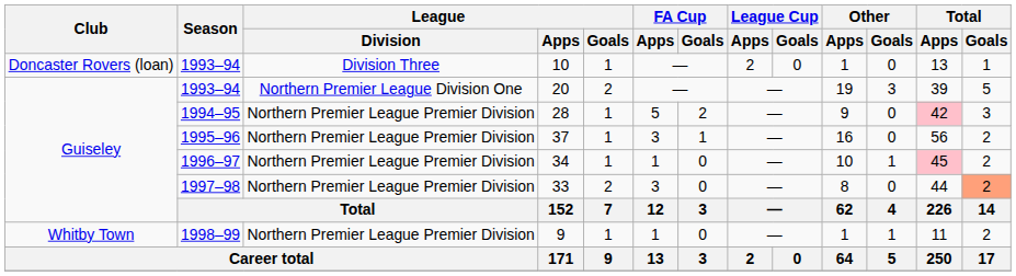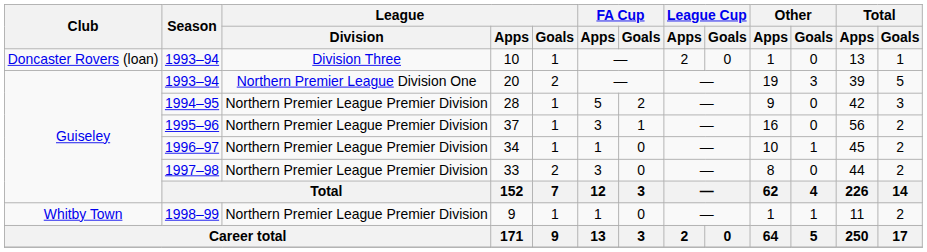 <table class=wikitable style="text-align:center">
 <tr>
 <th rowspan="2">Club</th>
 <th rowspan="2">Season</th>
 <th colspan="3">League</th>
 <th colspan="2"><a href='#'>FA Cup</a></th>
 <th colspan="2"><a href='#'>League Cup</a></th>
 <th colspan="2">Other</th>
 <th colspan="2">Total</th>
 </tr>
 <tr>
 <th>Division</th>
 <th>Apps</th>
 <th>Goals</th>
 <th>Apps</th>
 <th>Goals</th>
 <th>Apps</th>
 <th>Goals</th>
 <th>Apps</th>
 <th>Goals</th>
 <th>Apps</th>
 <th>Goals</th>
 </tr>
 <tr>
 <td><a href='#'>Doncaster Rovers</a> (loan)</td>
 <td><a href='#'>1993–94</a></td>
 <td><a href='#'>Division Three</a></td>
 <td>10</td>
 <td>1</td>
 <td colspan="2">—</td>
 <td>2</td>
 <td>0</td>
 <td>1</td>
 <td>0</td>
 <td>13</td>
 <td>1</td>
 </tr>
 <tr>
 <td rowspan="6"><a href='#'>Guiseley</a></td>
 <td><a href='#'>1993–94</a></td>
 <td><a href='#'>Northern Premier League</a> Division One</td>
 <td>20</td>
 <td>2</td>
 <td colspan="2">—</td>
 <td colspan="2">—</td>
 <td>19</td>
 <td>3</td>
 <td>39</td>
 <td>5</td>
 </tr>
 <tr>
 <td><a href='#'>1994–95</a></td>
 <td>Northern Premier League Premier Division</td>
 <td>28</td>
 <td>1</td>
 <td>5</td>
 <td>2</td>
 <td colspan="2">—</td>
 <td>9</td>
 <td>0</td>
-<td style="background: pink;">42</td>
+<td>42</td>
 <td>3</td>
 </tr>
 <tr>
 <td><a href='#'>1995–96</a></td>
 <td>Northern Premier League Premier Division</td>
 <td>37</td>
 <td>1</td>
 <td>3</td>
 <td>1</td>
 <td colspan="2">—</td>
 <td>16</td>
 <td>0</td>
 <td>56</td>
 <td>2</td>
 </tr>
 <tr>
 <td><a href='#'>1996–97</a></td>
 <td>Northern Premier League Premier Division</td>
 <td>34</td>
 <td>1</td>
 <td>1</td>
 <td>0</td>
 <td colspan="2">—</td>
 <td>10</td>
 <td>1</td>
-<td style="background: pink;">45</td>
+<td>45</td>
 <td>2</td>
 </tr>
 <tr>
 <td><a href='#'>1997–98</a></td>
 <td>Northern Premier League Premier Division</td>
 <td>33</td>
 <td>2</td>
 <td>3</td>
 <td>0</td>
 <td colspan="2">—</td>
 <td>8</td>
 <td>0</td>
 <td>44</td>
-<td style="background: lightsalmon;">2</td>
+<td>2</td>
 </tr>
 <tr>
 <th colspan="2">Total</th>
 <th>152</th>
 <th>7</th>
 <th>12</th>
 <th>3</th>
 <th colspan="2">—</th>
 <th>62</th>
 <th>4</th>
 <th>226</th>
 <th>14</th>
 </tr>
 <tr>
 <td><a href='#'>Whitby Town</a></td>
 <td><a href='#'>1998–99</a></td>
 <td>Northern Premier League Premier Division</td>
 <td>9</td>
 <td>1</td>
 <td>1</td>
 <td>0</td>
 <td colspan="2">—</td>
 <td>1</td>
 <td>1</td>
 <td>11</td>
 <td>2</td>
 </tr>
 <tr>
 <th colspan="3">Career total</th>
 <th>171</th>
 <th>9</th>
 <th>13</th>
 <th>3</th>
 <th>2</th>
 <th>0</th>
 <th>64</th>
 <th>5</th>
 <th>250</th>
 <th>17</th>
 </tr>
 <tr>
 </tr>
 </table>
